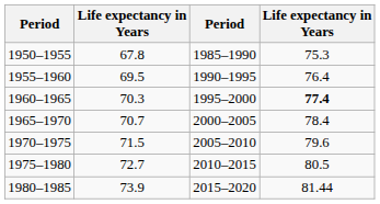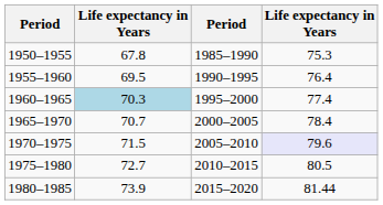 <table class="wikitable" style="text-align: center;">
 <tr>
 <th>Period</th>
 <th>Life expectancy in<br>Years</th>
 <th>Period</th>
 <th>Life expectancy in<br>Years</th>
 </tr>
 <tr>
 <td>1950–1955</td>
 <td>67.8</td>
 <td>1985–1990</td>
 <td>75.3</td>
 </tr>
 <tr>
 <td>1955–1960</td>
 <td>69.5</td>
 <td>1990–1995</td>
 <td>76.4</td>
 </tr>
 <tr>
 <td>1960–1965</td>
-<td>70.3</td>
+<td style="background: lightblue;">70.3</td>
 <td>1995–2000</td>
-<td><strong>77.4</strong></td>
+<td>77.4</td>
 </tr>
 <tr>
 <td>1965–1970</td>
 <td>70.7</td>
 <td>2000–2005</td>
 <td>78.4</td>
 </tr>
 <tr>
 <td>1970–1975</td>
 <td>71.5</td>
 <td>2005–2010</td>
-<td>79.6</td>
+<td style="background: lavender;">79.6</td>
 </tr>
 <tr>
 <td>1975–1980</td>
 <td>72.7</td>
 <td>2010–2015</td>
 <td>80.5</td>
 </tr>
 <tr>
 <td>1980–1985</td>
 <td>73.9</td>
 <td>2015–2020</td>
 <td>81.44</td>
 </tr>
 </table>
